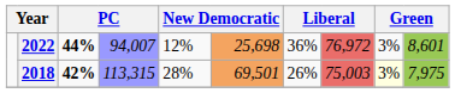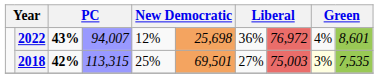 <table class="wikitable" style="float:right; width:400; font-size:90%; margin-left:1em;">
 <tr>
 <th colspan="2" scope="col">Year</th>
 <th colspan="2" scope="col"><a href='#'>PC</a></th>
 <th colspan="2" scope="col"><a href='#'>New Democratic</a></th>
 <th colspan="2" scope="col"><a href='#'>Liberal</a></th>
 <th colspan="2" scope="col"><a href='#'>Green</a></th>
 </tr>
 <tr>
 <td rowspan="2" style="width: 0.25em; background-color: "></td>
 <th><a href='#'>2022</a></th>
-<td><strong>44%</strong></td>
+<td><strong>43%</strong></td>
 <td style="text-align:right; background:#9999FF;"><em>94,007</em></td>
 <td>12%</td>
 <td style="text-align:right; background:#F4A460;"><em>25,698</em></td>
 <td>36%</td>
 <td style="text-align:right; background:#EA6D6A;"><em>76,972</em></td>
-<td>3%</td>
+<td>4%</td>
 <td style="text-align:right; background:#99C955;"><em>8,601</em></td>
 </tr>
 <tr>
 <th><a href='#'>2018</a></th>
 <td><strong>42%</strong></td>
 <td style="text-align:right; background:#9999FF;"><em>113,315</em></td>
-<td>28%</td>
+<td>25%</td>
 <td style="text-align:right; background:#F4A460;"><em>69,501</em></td>
-<td>26%</td>
+<td>27%</td>
 <td style="text-align:right; background:#EA6D6A;"><em>75,003</em></td>
 <td style="background: lightyellow;">3%</td>
-<td style="text-align:right; background:#99C955;"><em>7,975</em></td>
+<td style="text-align:right; background:#99C955;"><em>7,535</em></td>
 </tr>
 <tr>
 </tr>
 </table>
